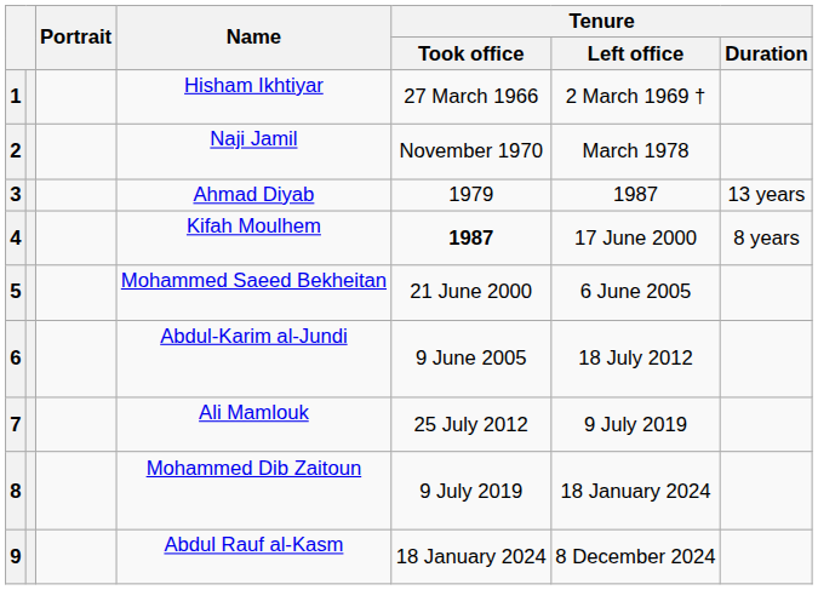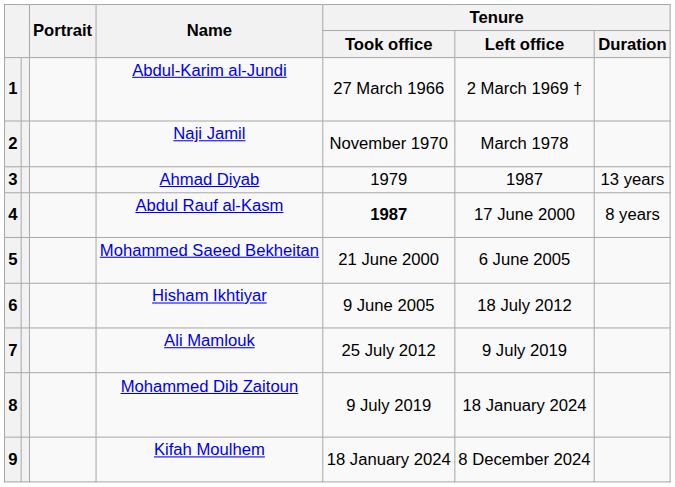 <table class="wikitable" style="text-align:center">
 <tr>
 <th rowspan=2 colspan=2></th>
 <th rowspan=2>Portrait</th>
 <th rowspan=2>Name<br></th>
 <th colspan=3>Tenure</th>
 </tr>
 <tr>
 <th>Took office</th>
 <th>Left office</th>
 <th>Duration</th>
 </tr>
 <tr>
 <th>1</th>
 <th style="background:"></th>
 <td></td>
-<td><a href='#'>Hisham Ikhtiyar</a><br><br></td>
+<td><a href='#'>Abdul-Karim al-Jundi</a><br><br><br></td>
 <td>27 March 1966</td>
 <td>2 March 1969 †</td>
 <td></td>
 </tr>
 <tr>
 <th>2</th>
 <th style="background:"></th>
 <td></td>
 <td><a href='#'>Naji Jamil</a><br><br></td>
 <td>November 1970</td>
 <td>March 1978</td>
 <td></td>
 </tr>
 <tr>
 <th>3</th>
 <th style="background:"></th>
 <td></td>
 <td><a href='#'>Ahmad Diyab</a><br></td>
 <td>1979</td>
 <td>1987</td>
 <td>13 years</td>
 </tr>
 <tr>
 <th>4</th>
 <th style="background:"></th>
 <td></td>
-<td><a href='#'>Kifah Moulhem</a><br><br></td>
+<td><a href='#'>Abdul Rauf al-Kasm</a><br><br></td>
 <td><strong>1987</strong></td>
 <td>17 June 2000</td>
 <td>8 years</td>
 </tr>
 <tr>
 <th>5</th>
 <th style="background:"></th>
 <td></td>
 <td><a href='#'>Mohammed Saeed Bekheitan</a><br><br></td>
 <td>21 June 2000</td>
 <td>6 June 2005</td>
 <td></td>
 </tr>
 <tr>
 <th>6</th>
 <th style="background:"></th>
 <td></td>
-<td><a href='#'>Abdul-Karim al-Jundi</a><br><br><br></td>
+<td><a href='#'>Hisham Ikhtiyar</a><br><br></td>
 <td>9 June 2005</td>
 <td>18 July 2012</td>
 <td></td>
 </tr>
 <tr>
 <th>7</th>
 <th style="background:"></th>
 <td></td>
 <td><a href='#'>Ali Mamlouk</a><br><br></td>
 <td>25 July 2012</td>
 <td>9 July 2019</td>
 <td></td>
 </tr>
 <tr>
 <th>8</th>
 <th style="background:"></th>
 <td></td>
 <td><a href='#'>Mohammed Dib Zaitoun</a><br><br><br></td>
 <td>9 July 2019</td>
 <td>18 January 2024</td>
 <td></td>
 </tr>
 <tr>
 <th>9</th>
 <th style="background:"></th>
 <td></td>
-<td><a href='#'>Abdul Rauf al-Kasm</a><br><br></td>
+<td><a href='#'>Kifah Moulhem</a><br><br></td>
 <td>18 January 2024</td>
 <td>8 December 2024</td>
 <td></td>
 </tr>
 </table>
